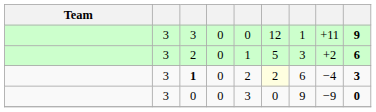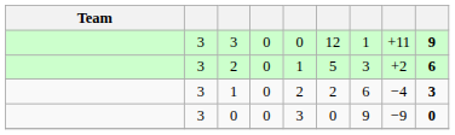 <table class="wikitable" style="text-align: center; font-size: 90%;">
 <tr>
 <th width="165">Team</th>
 <th width="25"></th>
 <th width="25"></th>
 <th width="25"></th>
 <th width="25"></th>
 <th width="25"></th>
 <th width="25"></th>
 <th width="25"></th>
 <th width="25"></th>
 </tr>
 <tr style="background:#ccffcc;">
 <td align=left></td>
 <td>3</td>
 <td>3</td>
 <td>0</td>
 <td>0</td>
 <td>12</td>
 <td>1</td>
 <td>+11</td>
 <td><strong>9</strong></td>
 </tr>
 <tr style="background:#ccffcc;">
 <td align=left></td>
 <td>3</td>
 <td>2</td>
 <td>0</td>
 <td>1</td>
 <td>5</td>
 <td>3</td>
 <td>+2</td>
 <td><strong>6</strong></td>
 </tr>
 <tr>
 <td align=left></td>
 <td>3</td>
-<td><strong>1</strong></td>
+<td>1</td>
 <td>0</td>
 <td>2</td>
-<td style="background: lightyellow;">2</td>
+<td>2</td>
 <td>6</td>
 <td>−4</td>
 <td><strong>3</strong></td>
 </tr>
 <tr>
 <td align=left></td>
 <td>3</td>
 <td>0</td>
 <td>0</td>
 <td>3</td>
 <td>0</td>
 <td>9</td>
 <td>−9</td>
 <td><strong>0</strong></td>
 </tr>
 <tr>
 </tr>
 </table>
